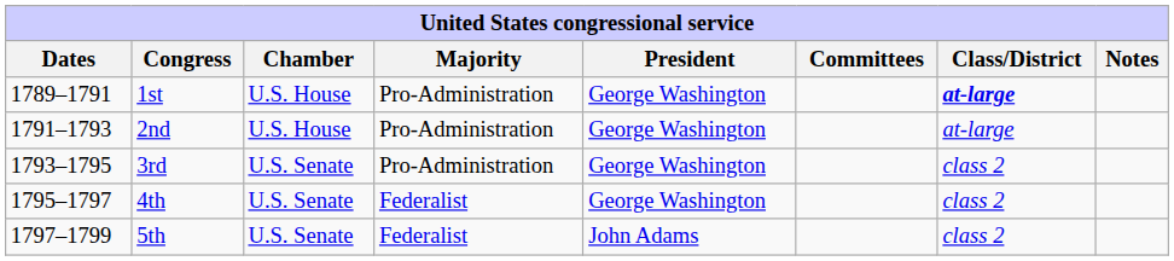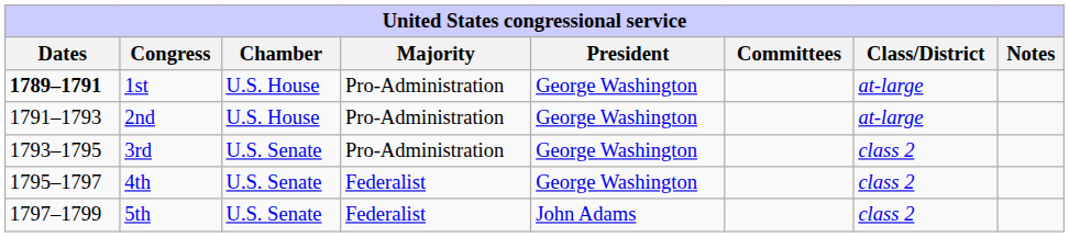 <table class=wikitable style="width: 94%" style="text-align: center;" align="center">
 <tr bgcolor=#cccccc>
 <th colspan=8 style="background: #ccccff;">United States congressional service</th>
 </tr>
 <tr>
 <th><strong>Dates</strong></th>
 <th><strong>Congress</strong></th>
 <th><strong>Chamber</strong></th>
 <th><strong>Majority</strong></th>
 <th><strong>President</strong></th>
 <th><strong>Committees</strong></th>
 <th><strong>Class/District</strong></th>
 <th><strong>Notes</strong></th>
 </tr>
 <tr>
-<td>1789–1791</td>
+<td><strong>1789–1791</strong></td>
 <td><a href='#'>1st</a></td>
 <td><a href='#'>U.S. House</a></td>
 <td>Pro-Administration</td>
 <td><a href='#'>George Washington</a></td>
 <td></td>
-<td><strong><a href='#'><em>at-large</em></a></strong></td>
+<td><a href='#'><em>at-large</em></a></td>
 <td></td>
 </tr>
 <tr>
 <td>1791–1793</td>
 <td><a href='#'>2nd</a></td>
 <td><a href='#'>U.S. House</a></td>
 <td>Pro-Administration</td>
 <td><a href='#'>George Washington</a></td>
 <td></td>
 <td><a href='#'><em>at-large</em></a></td>
 <td></td>
 </tr>
 <tr>
 <td>1793–1795</td>
 <td><a href='#'>3rd</a></td>
 <td><a href='#'>U.S. Senate</a></td>
 <td>Pro-Administration</td>
 <td><a href='#'>George Washington</a></td>
 <td></td>
 <td><a href='#'><em>class 2</em></a></td>
 <td></td>
 </tr>
 <tr>
 <td>1795–1797</td>
 <td><a href='#'>4th</a></td>
 <td><a href='#'>U.S. Senate</a></td>
 <td><a href='#'>Federalist</a></td>
 <td><a href='#'>George Washington</a></td>
 <td></td>
 <td><a href='#'><em>class 2</em></a></td>
 <td></td>
 </tr>
 <tr>
 <td>1797–1799</td>
 <td><a href='#'>5th</a></td>
 <td><a href='#'>U.S. Senate</a></td>
 <td><a href='#'>Federalist</a></td>
 <td><a href='#'>John Adams</a></td>
 <td></td>
 <td><a href='#'><em>class 2</em></a></td>
 <td></td>
 </tr>
 </table>
